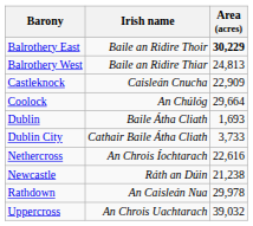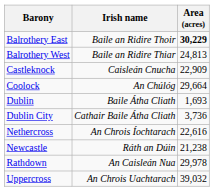 <table class="wikitable sortable collapsible nowrap" style="font-size: 100%; text-align: right; display:inline-table">
 <tr>
 <th>Barony</th>
 <th>Irish name</th>
 <th>Area<br><small>(acres)</small><br></th>
 </tr>
 <tr>
 <td style="text-align: left;"><a href='#'>Balrothery East</a></td>
 <td><em>Baile an Ridire Thoir</em></td>
 <td><strong>30,229</strong></td>
 </tr>
 <tr>
 <td style="text-align: left;"><a href='#'>Balrothery West</a></td>
 <td><em>Baile an Ridire Thiar</em></td>
 <td>24,813</td>
 </tr>
 <tr>
 <td style="text-align: left;"><a href='#'>Castleknock</a></td>
 <td><em>Caisleán Cnucha</em></td>
 <td>22,909</td>
 </tr>
 <tr>
 <td style="text-align: left;"><a href='#'>Coolock</a></td>
 <td><em>An Chúlóg</em></td>
 <td>29,664</td>
 </tr>
 <tr>
 <td style="text-align: left;"><a href='#'>Dublin</a></td>
 <td><em>Baile Átha Cliath</em></td>
 <td>1,693</td>
 </tr>
 <tr>
 <td style="text-align: left;"><a href='#'>Dublin City</a></td>
 <td><em>Cathair Baile Átha Cliath</em></td>
-<td>3,733</td>
+<td>3,736</td>
 </tr>
 <tr>
 <td style="text-align: left;"><a href='#'>Nethercross</a></td>
 <td><em>An Chrois Íochtarach</em></td>
 <td>22,616</td>
 </tr>
 <tr>
 <td style="text-align: left;"><a href='#'>Newcastle</a></td>
 <td><em>Ráth an Dúin</em></td>
 <td>21,238</td>
 </tr>
 <tr>
 <td style="text-align: left;"><a href='#'>Rathdown</a></td>
 <td><em>An Caisleán Nua</em></td>
 <td>29,978</td>
 </tr>
 <tr>
 <td style="text-align: left;"><a href='#'>Uppercross</a></td>
 <td><em>An Chrois Uachtarach</em></td>
 <td>39,032</td>
 </tr>
 </table>
